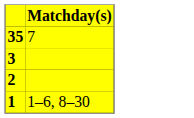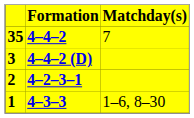 <table class="toccolours" border="0" cellpadding="2" cellspacing="0" align="center" style="margin: 0.5em 0 1em 1em; background: #000000; border: 1px #aaaaaa solid;">
 <tr bgcolor=#FFFF00>
 <th></th>
+<th>Formation</th>
 <th>Matchday(s)</th>
 </tr>
 <tr bgcolor=#FFFF00>
 <td><strong>35</strong></td>
+<td><a href='#'><span><strong>4–4–2</strong></span></a></td>
 <td>7</td>
 </tr>
 <tr bgcolor=#FFFF00>
 <td><strong>3</strong></td>
+<td><a href='#'><span><strong>4–4–2 (D)</strong></span></a></td>
 <td></td>
 </tr>
 <tr bgcolor=#FFFF00>
 <td><strong>2</strong></td>
+<td><a href='#'><span><strong>4–2–3–1</strong></span></a></td>
 <td></td>
 </tr>
 <tr bgcolor=#FFFF00>
 <td><strong>1</strong></td>
+<td><a href='#'><span><strong>4–3–3</strong></span></a></td>
 <td>1–6, 8–30</td>
 </tr>
 </table>
